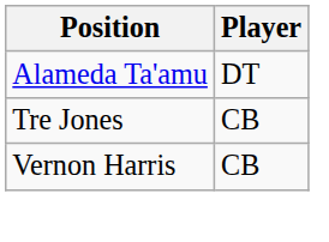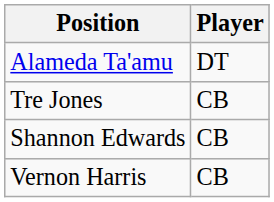 <table class="wikitable sortable">
 <tr>
 <th>Position</th>
 <th>Player</th>
 </tr>
 <tr>
 <td><a href='#'>Alameda Ta'amu</a></td>
 <td>DT</td>
 </tr>
 <tr>
 <td>Tre Jones</td>
 <td>CB</td>
 </tr>
 <tr>
+<td>Shannon Edwards</td>
+<td>CB</td>
+</tr>
+<tr>
 <td>Vernon Harris</td>
 <td>CB</td>
 </tr>
 </table>
